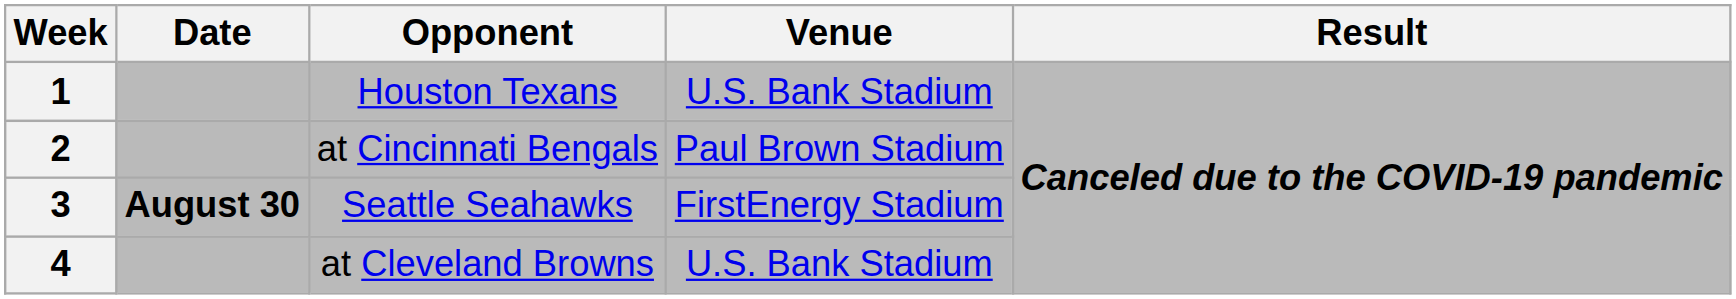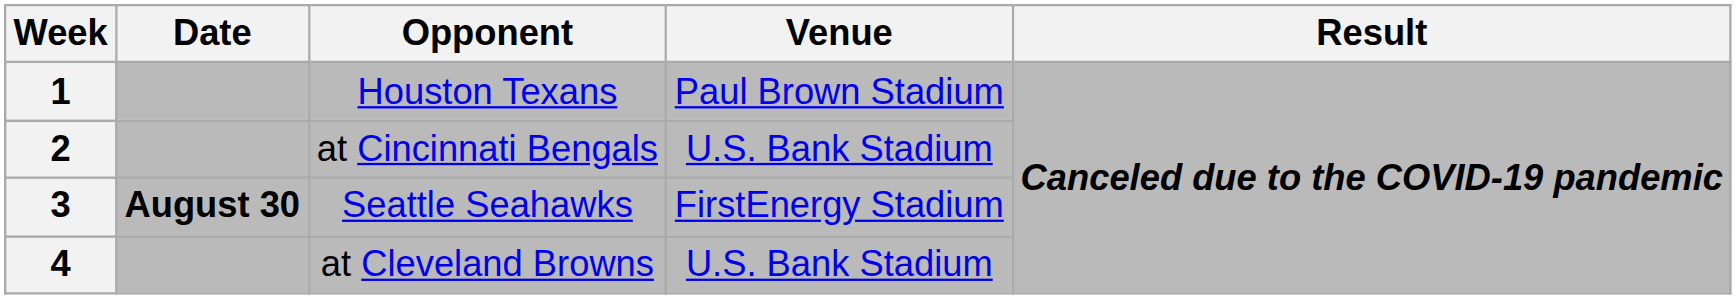 <table class="wikitable" style="text-align:center">
 <tr>
 <th>Week</th>
 <th>Date</th>
 <th>Opponent</th>
 <th>Venue</th>
 <th>Result</th>
 </tr>
 <tr style="background:#bababa">
 <th>1</th>
 <td></td>
 <td><a href='#'>Houston Texans</a></td>
-<td><a href='#'>U.S. Bank Stadium</a></td>
+<td><a href='#'>Paul Brown Stadium</a></td>
 <td rowspan="4"><strong><em>Canceled due to the COVID-19 pandemic</em></strong></td>
 </tr>
 <tr style="background:#bababa">
 <th>2</th>
 <td></td>
 <td>at <a href='#'>Cincinnati Bengals</a></td>
-<td><a href='#'>Paul Brown Stadium</a></td>
+<td><a href='#'>U.S. Bank Stadium</a></td>
 </tr>
 <tr style="background:#bababa">
 <th>3</th>
 <td><strong>August 30</strong></td>
 <td><a href='#'>Seattle Seahawks</a></td>
 <td><a href='#'>FirstEnergy Stadium</a></td>
 </tr>
 <tr style="background:#bababa">
 <th>4</th>
 <td></td>
 <td>at <a href='#'>Cleveland Browns</a></td>
 <td><a href='#'>U.S. Bank Stadium</a></td>
 </tr>
 </table>
